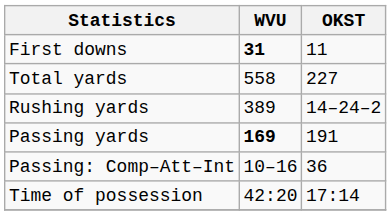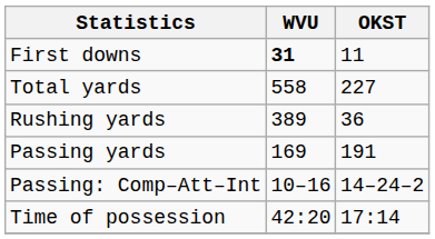 <table class="wikitable" style="float: left;">
 <tr>
 <th>Statistics</th>
 <th>WVU</th>
 <th>OKST</th>
 </tr>
 <tr>
 <td>First downs</td>
 <td><strong>31</strong></td>
 <td>11</td>
 </tr>
 <tr>
 <td>Total yards</td>
 <td>558</td>
 <td>227</td>
 </tr>
 <tr>
 <td>Rushing yards</td>
 <td>389</td>
-<td>14–24–2</td>
+<td>36</td>
 </tr>
 <tr>
 <td>Passing yards</td>
-<td><strong>169</strong></td>
+<td>169</td>
 <td>191</td>
 </tr>
 <tr>
 <td>Passing: Comp–Att–Int</td>
 <td>10–16</td>
-<td>36</td>
+<td>14–24–2</td>
 </tr>
 <tr>
 <td>Time of possession</td>
 <td>42:20</td>
 <td>17:14</td>
 </tr>
 <tr>
 </tr>
 </table>
